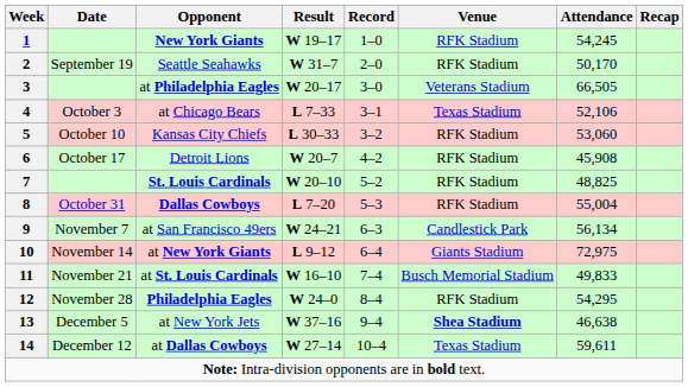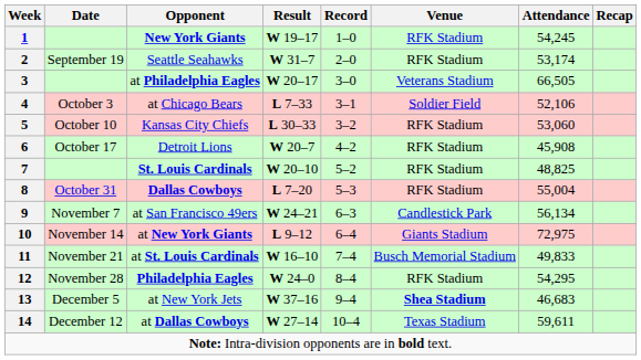 <table class="wikitable" style="text-align:center">
 <tr>
 <th>Week</th>
 <th>Date</th>
 <th>Opponent</th>
 <th>Result</th>
 <th>Record</th>
 <th>Venue</th>
 <th>Attendance</th>
 <th>Recap</th>
 </tr>
 <tr style="background:#cfc">
 <th><a href='#'>1</a></th>
 <td></td>
 <td><strong><a href='#'>New York Giants</a></strong></td>
 <td><strong>W</strong> 19–17</td>
 <td>1–0</td>
 <td><a href='#'>RFK Stadium</a></td>
 <td>54,245</td>
 <td></td>
 </tr>
 <tr style="background:#cfc">
 <th>2</th>
 <td>September 19</td>
 <td><a href='#'>Seattle Seahawks</a></td>
 <td><strong>W</strong> 31–7</td>
 <td>2–0</td>
 <td>RFK Stadium</td>
-<td>50,170</td>
+<td>53,174</td>
 <td></td>
 </tr>
 <tr style="background:#cfc">
 <th>3</th>
 <td></td>
 <td>at <strong><a href='#'>Philadelphia Eagles</a></strong></td>
 <td><strong>W</strong> 20–17</td>
 <td>3–0</td>
 <td><a href='#'>Veterans Stadium</a></td>
 <td>66,505</td>
 <td></td>
 </tr>
 <tr style="background:#fcc">
 <th>4</th>
 <td>October 3</td>
 <td>at <a href='#'>Chicago Bears</a></td>
 <td><strong>L</strong> 7–33</td>
 <td>3–1</td>
-<td><a href='#'>Texas Stadium</a></td>
+<td><a href='#'>Soldier Field</a></td>
 <td>52,106</td>
 <td></td>
 </tr>
 <tr style="background:#fcc">
 <th>5</th>
 <td>October 10</td>
 <td><a href='#'>Kansas City Chiefs</a></td>
 <td><strong>L</strong> 30–33</td>
 <td>3–2</td>
 <td>RFK Stadium</td>
 <td>53,060</td>
 <td></td>
 </tr>
 <tr style="background:#cfc">
 <th>6</th>
 <td>October 17</td>
 <td><a href='#'>Detroit Lions</a></td>
 <td><strong>W</strong> 20–7</td>
 <td>4–2</td>
 <td>RFK Stadium</td>
 <td>45,908</td>
 <td></td>
 </tr>
 <tr style="background:#cfc">
 <th>7</th>
 <td></td>
 <td><strong><a href='#'>St. Louis Cardinals</a></strong></td>
 <td><strong>W</strong> 20–10</td>
 <td>5–2</td>
 <td>RFK Stadium</td>
 <td>48,825</td>
 <td></td>
 </tr>
 <tr style="background:#fcc">
 <th>8</th>
 <td><a href='#'>October 31</a></td>
 <td><strong><a href='#'>Dallas Cowboys</a></strong></td>
 <td><strong>L</strong> 7–20</td>
 <td>5–3</td>
 <td>RFK Stadium</td>
 <td>55,004</td>
 <td></td>
 </tr>
 <tr style="background:#cfc">
 <th>9</th>
 <td>November 7</td>
 <td>at <a href='#'>San Francisco 49ers</a></td>
 <td><strong>W</strong> 24–21</td>
 <td>6–3</td>
 <td><a href='#'>Candlestick Park</a></td>
 <td>56,134</td>
 <td></td>
 </tr>
 <tr style="background:#fcc">
 <th>10</th>
 <td>November 14</td>
 <td>at <strong><a href='#'>New York Giants</a></strong></td>
 <td><strong>L</strong> 9–12</td>
 <td>6–4</td>
 <td><a href='#'>Giants Stadium</a></td>
 <td>72,975</td>
 <td></td>
 </tr>
 <tr style="background:#cfc">
 <th>11</th>
 <td>November 21</td>
 <td>at <strong><a href='#'>St. Louis Cardinals</a></strong></td>
 <td><strong>W</strong> 16–10</td>
 <td>7–4</td>
 <td><a href='#'>Busch Memorial Stadium</a></td>
 <td>49,833</td>
 <td></td>
 </tr>
 <tr style="background:#cfc">
 <th>12</th>
 <td>November 28</td>
 <td><strong><a href='#'>Philadelphia Eagles</a></strong></td>
 <td><strong>W</strong> 24–0</td>
 <td>8–4</td>
 <td>RFK Stadium</td>
 <td>54,295</td>
 <td></td>
 </tr>
 <tr style="background:#cfc">
 <th>13</th>
 <td>December 5</td>
 <td>at <a href='#'>New York Jets</a></td>
 <td><strong>W</strong> 37–16</td>
 <td>9–4</td>
 <td><strong><a href='#'>Shea Stadium</a></strong></td>
-<td>46,638</td>
+<td>46,683</td>
 <td></td>
 </tr>
 <tr style="background:#cfc">
 <th>14</th>
 <td>December 12</td>
 <td>at <strong><a href='#'>Dallas Cowboys</a></strong></td>
 <td><strong>W</strong> 27–14</td>
 <td>10–4</td>
 <td><a href='#'>Texas Stadium</a></td>
 <td>59,611</td>
 <td></td>
 </tr>
 <tr>
 <td colspan="8"><strong>Note:</strong> Intra-division opponents are in <strong>bold</strong> text.</td>
 </tr>
 </table>
